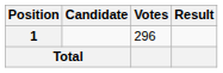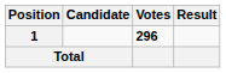 <table class="wikitable sortable col3right">
 <tr>
 <th scope="col">Position</th>
 <th scope="col">Candidate</th>
 <th scope="col">Votes</th>
 <th scope="col">Result</th>
 </tr>
 <tr>
 <th scope="row">1</th>
 <td></td>
-<td>296</td>
+<td><strong>296</strong></td>
 <td></td>
 </tr>
 <tr class="sortbottom">
 <th scope="row" colspan="2">Total</th>
 <th></th>
 <th></th>
 </tr>
 </table>
